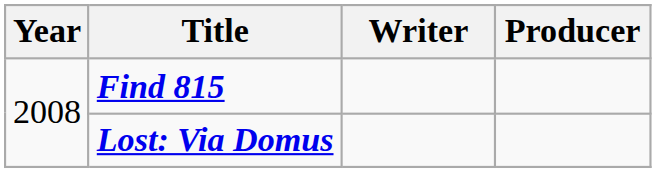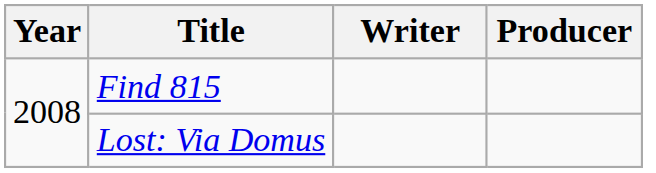 <table class="wikitable">
 <tr>
 <th>Year</th>
 <th>Title</th>
 <th width="65">Writer</th>
 <th width="65">Producer</th>
 </tr>
 <tr>
 <td rowspan="2">2008</td>
-<td><strong><em><a href='#'>Find 815</a></em></strong></td>
+<td><em><a href='#'>Find 815</a></em></td>
 <td></td>
 <td></td>
 </tr>
 <tr>
-<td><strong><em><a href='#'>Lost: Via Domus</a></em></strong></td>
+<td><em><a href='#'>Lost: Via Domus</a></em></td>
 <td></td>
 <td></td>
 </tr>
 </table>
